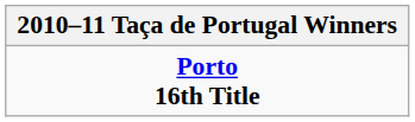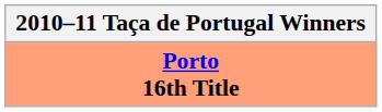 <table class="wikitable" style="text-align: center; margin: 0 auto; width: 20%">
 <tr>
 <th>2010–11 Taça de Portugal Winners</th>
 </tr>
 <tr>
-<td><strong><a href='#'>Porto</a></strong><br><strong>16th Title</strong></td>
+<td style="background: lightsalmon;"><strong><a href='#'>Porto</a></strong><br><strong>16th Title</strong></td>
 </tr>
 </table>
